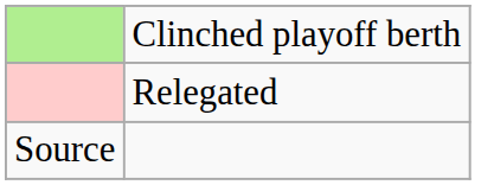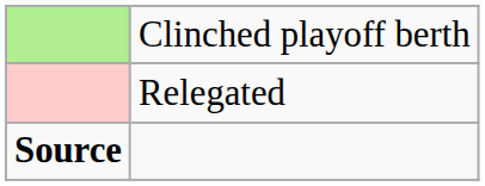 <table class="wikitable">
 <tr>
 <td width=10px  bgcolor=B0EE90></td>
 <td>Clinched playoff berth</td>
 </tr>
 <tr>
 <td width=10px  bgcolor=FFCCCC></td>
 <td>Relegated</td>
 </tr>
 <tr>
-<td width=30px>Source</td>
+<td width=30px><strong>Source</strong></td>
 <td></td>
 </tr>
 </table>
